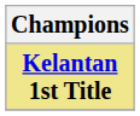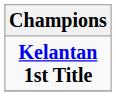 <table class="wikitable" style="text-align: center; margin: 0 auto;">
 <tr>
 <th>Champions</th>
 </tr>
 <tr>
-<td style="background: khaki;"><strong><a href='#'>Kelantan</a></strong><br><strong>1st Title</strong></td>
+<td><strong><a href='#'>Kelantan</a></strong><br><strong>1st Title</strong></td>
 </tr>
 <tr>
 </tr>
 </table>
